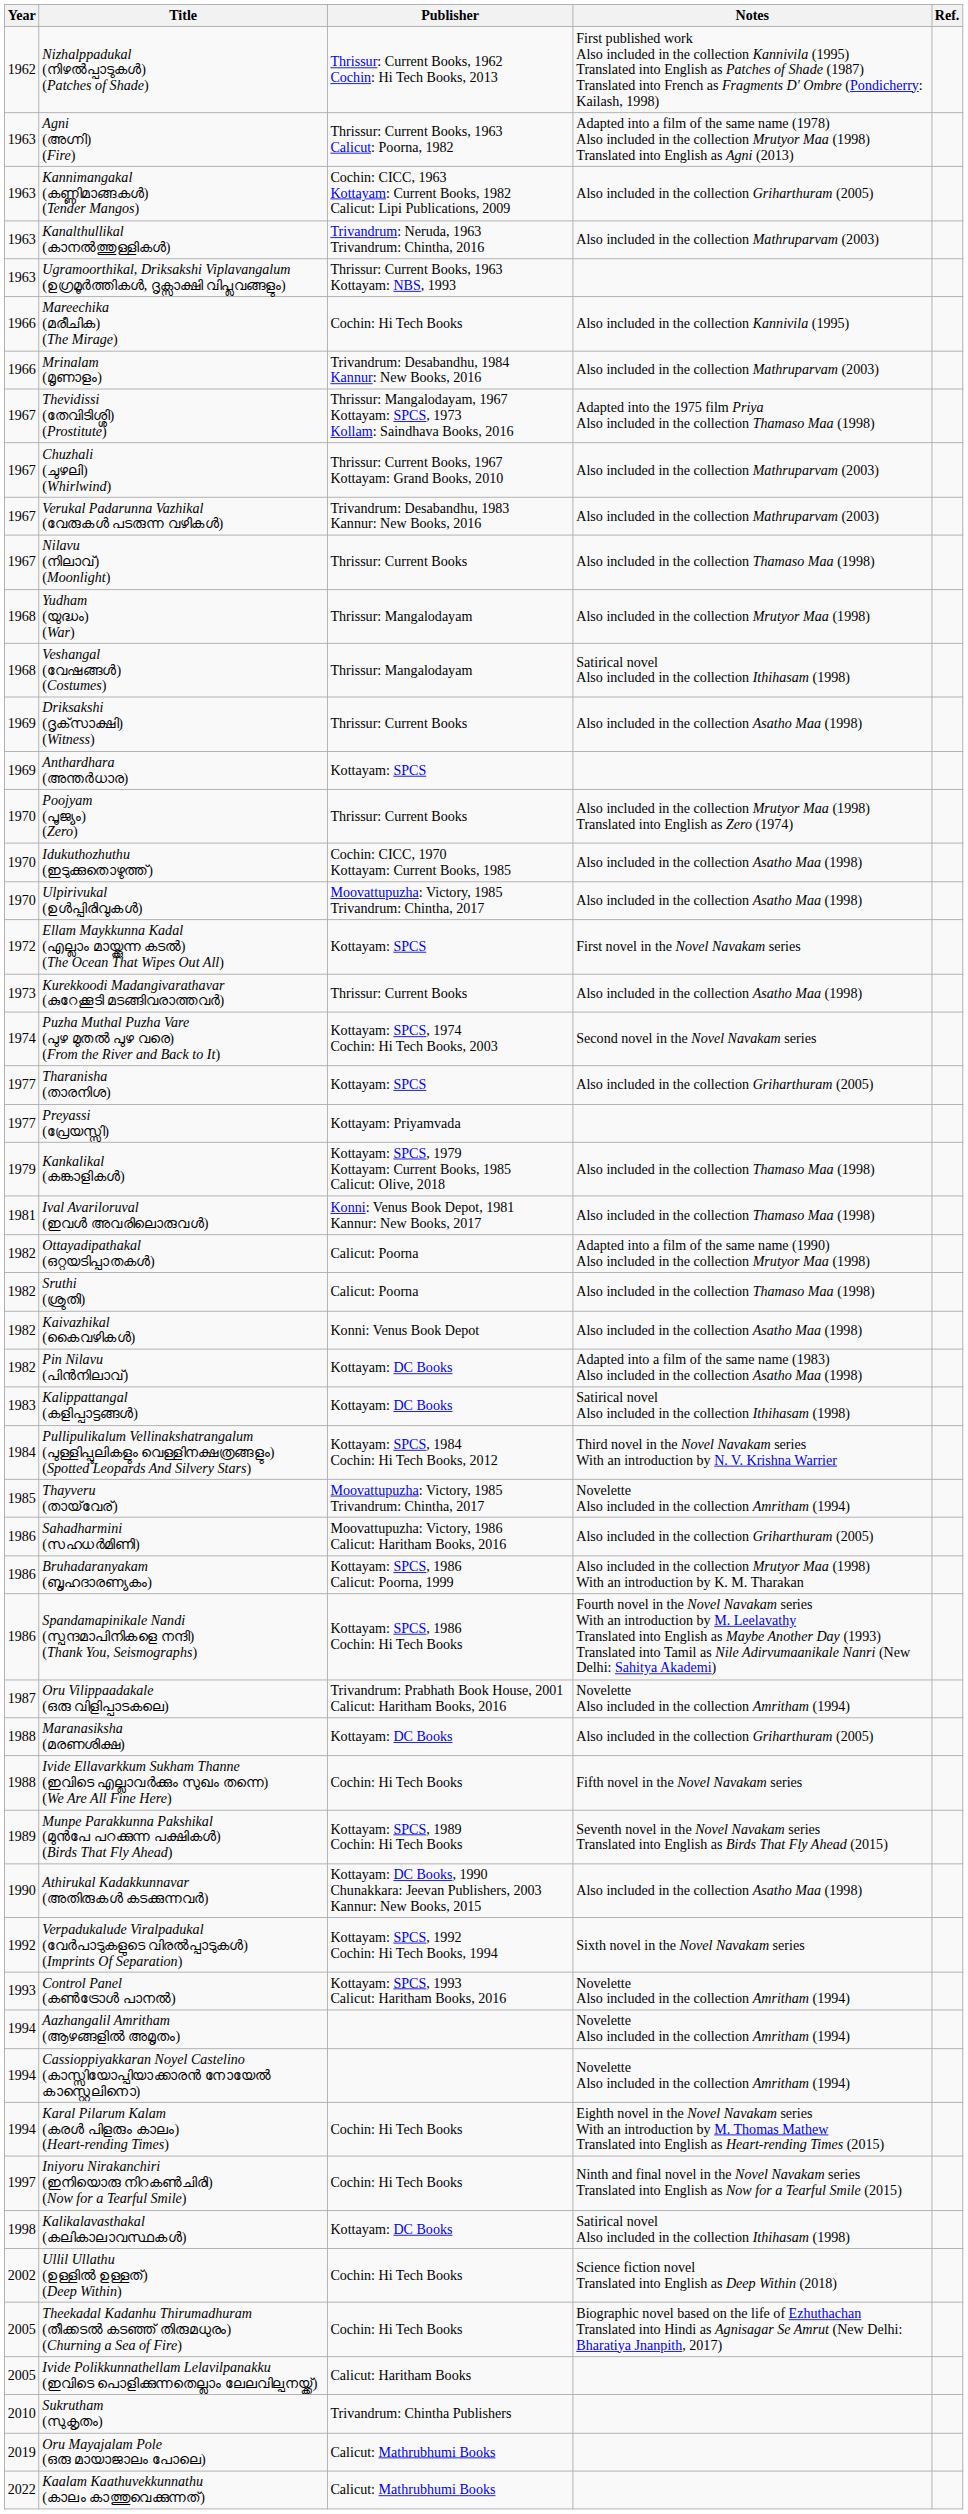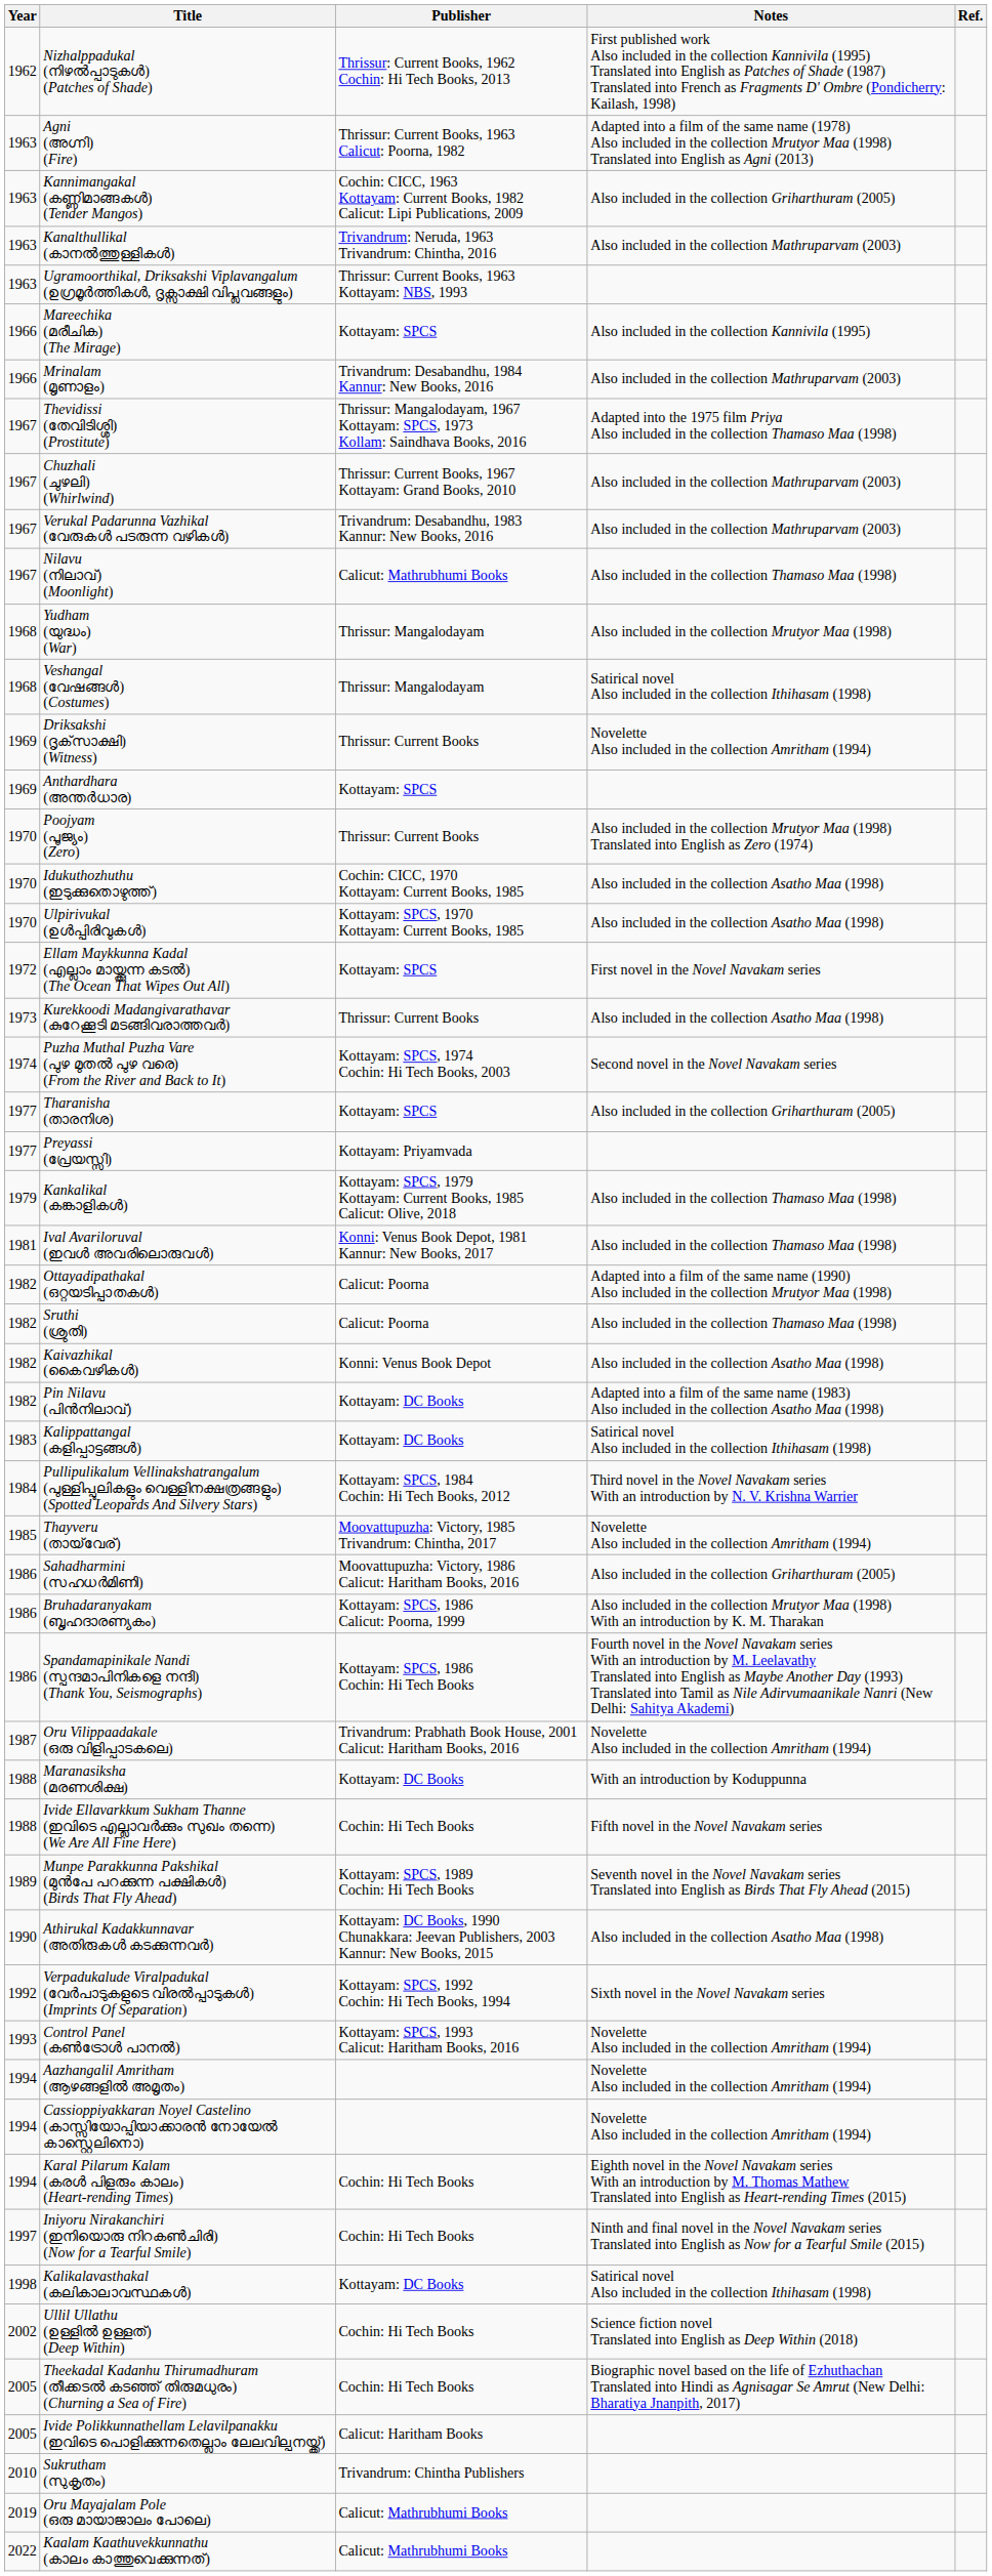 <table class="wikitable">
 <tr>
 <th>Year</th>
 <th ! style=width:20em>Title</th>
 <th ! style=width:17em>Publisher</th>
 <th ! style=width:25em>Notes</th>
 <th>Ref.</th>
 </tr>
 <tr>
 <td>1962</td>
 <td><em>Nizhalppadukal</em><br>(നിഴൽപ്പാടുകൾ)<br>(<em>Patches of Shade</em>)</td>
 <td><a href='#'>Thrissur</a>: Current Books, 1962<br><a href='#'>Cochin</a>: Hi Tech Books, 2013</td>
 <td>First published work<br>Also included in the collection <em>Kannivila</em> (1995)<br>Translated into English as <em>Patches of Shade</em> (1987)<br>Translated into French as <em>Fragments D' Ombre</em> (<a href='#'>Pondicherry</a>: Kailash, 1998)</td>
 <td></td>
 </tr>
 <tr>
 <td>1963</td>
 <td><em>Agni</em><br>(അഗ്നി)<br>(<em>Fire</em>)</td>
 <td>Thrissur: Current Books, 1963<br><a href='#'>Calicut</a>: Poorna, 1982</td>
 <td>Adapted into a film of the same name (1978)<br>Also included in the collection <em>Mrutyor Maa</em> (1998)<br>Translated into English as <em>Agni</em> (2013)</td>
 <td></td>
 </tr>
 <tr>
 <td>1963</td>
 <td><em>Kannimangakal</em><br>(കണ്ണിമാങ്ങകൾ)<br>(<em>Tender Mangos</em>)</td>
 <td>Cochin: CICC, 1963<br><a href='#'>Kottayam</a>: Current Books, 1982<br>Calicut: Lipi Publications, 2009</td>
 <td>Also included in the collection <em>Griharthuram</em> (2005)</td>
 <td></td>
 </tr>
 <tr>
 <td>1963</td>
 <td><em>Kanalthullikal</em><br>(കാനൽത്തുള്ളികൾ)</td>
 <td><a href='#'>Trivandrum</a>: Neruda, 1963<br>Trivandrum: Chintha, 2016</td>
 <td>Also included in the collection <em>Mathruparvam</em> (2003)</td>
 <td></td>
 </tr>
 <tr>
 <td>1963</td>
 <td><em>Ugramoorthikal, Driksakshi Viplavangalum</em><br>(ഉഗ്രമൂര്‍ത്തികള്‍, ദൃക്സാക്ഷി വിപ്ലവങ്ങളും)</td>
 <td>Thrissur: Current Books, 1963<br>Kottayam: <a href='#'>NBS</a>, 1993</td>
 <td></td>
 <td></td>
 </tr>
 <tr>
 <td>1966</td>
 <td><em>Mareechika</em><br>(മരീചിക)<br>(<em>The Mirage</em>)</td>
-<td>Cochin: Hi Tech Books</td>
+<td>Kottayam: <a href='#'>SPCS</a></td>
 <td>Also included in the collection <em>Kannivila</em> (1995)</td>
 <td></td>
 </tr>
 <tr>
 <td>1966</td>
 <td><em>Mrinalam</em><br>(മൃണാളം)</td>
 <td>Trivandrum: Desabandhu, 1984<br><a href='#'>Kannur</a>: New Books, 2016</td>
 <td>Also included in the collection <em>Mathruparvam</em> (2003)</td>
 <td></td>
 </tr>
 <tr>
 <td>1967</td>
 <td><em>Thevidissi</em><br>(തേവിടിശ്ശി)<br>(<em>Prostitute</em>)</td>
 <td>Thrissur: Mangalodayam, 1967<br>Kottayam: <a href='#'>SPCS</a>, 1973<br><a href='#'>Kollam</a>: Saindhava Books, 2016</td>
 <td>Adapted into the 1975 film <em>Priya</em><br>Also included in the collection <em>Thamaso Maa</em> (1998)</td>
 <td></td>
 </tr>
 <tr>
 <td>1967</td>
 <td><em>Chuzhali</em><br>(ചുഴലി)<br>(<em>Whirlwind</em>)</td>
 <td>Thrissur: Current Books, 1967<br>Kottayam: Grand Books, 2010</td>
 <td>Also included in the collection <em>Mathruparvam</em> (2003)</td>
 <td></td>
 </tr>
 <tr>
 <td>1967</td>
 <td><em>Verukal Padarunna Vazhikal</em><br>(വേരുകൾ പടരുന്ന വഴികൾ)</td>
 <td>Trivandrum: Desabandhu, 1983<br>Kannur: New Books, 2016</td>
 <td>Also included in the collection <em>Mathruparvam</em> (2003)</td>
 <td></td>
 </tr>
 <tr>
 <td>1967</td>
 <td><em>Nilavu</em><br>(നിലാവ്)<br>(<em>Moonlight</em>)</td>
-<td>Thrissur: Current Books</td>
+<td>Calicut: <a href='#'>Mathrubhumi Books</a></td>
 <td>Also included in the collection <em>Thamaso Maa</em> (1998)</td>
 <td></td>
 </tr>
 <tr>
 <td>1968</td>
 <td><em>Yudham</em><br>(യുദ്ധം)<br>(<em>War</em>)</td>
 <td>Thrissur: Mangalodayam</td>
 <td>Also included in the collection <em>Mrutyor Maa</em> (1998)</td>
 <td></td>
 </tr>
 <tr>
 <td>1968</td>
 <td><em>Veshangal</em><br>(വേഷങ്ങൾ)<br>(<em>Costumes</em>)</td>
 <td>Thrissur: Mangalodayam</td>
 <td>Satirical novel<br>Also included in the collection <em>Ithihasam</em> (1998)</td>
 <td></td>
 </tr>
 <tr>
 <td>1969</td>
 <td><em>Driksakshi</em><br>(ദൃക്‌സാക്ഷി)<br>(<em>Witness</em>)</td>
 <td>Thrissur: Current Books</td>
-<td>Also included in the collection <em>Asatho Maa</em> (1998)</td>
+<td>Novelette<br>Also included in the collection <em>Amritham</em> (1994)</td>
 <td></td>
 </tr>
 <tr>
 <td>1969</td>
 <td><em>Anthardhara</em><br>(അന്തർധാര)</td>
 <td>Kottayam: <a href='#'>SPCS</a></td>
 <td></td>
 <td></td>
 </tr>
 <tr>
 <td>1970</td>
 <td><em>Poojyam</em><br>(പൂജ്യം)<br>(<em>Zero</em>)</td>
 <td>Thrissur: Current Books</td>
 <td>Also included in the collection <em>Mrutyor Maa</em> (1998)<br>Translated into English as <em>Zero</em> (1974)</td>
 <td></td>
 </tr>
 <tr>
 <td>1970</td>
 <td><em>Idukuthozhuthu</em><br>(ഇടുക്കുതൊഴുത്ത്)</td>
 <td>Cochin: CICC, 1970<br>Kottayam: Current Books, 1985</td>
 <td>Also included in the collection <em>Asatho Maa</em> (1998)</td>
 <td></td>
 </tr>
 <tr>
 <td>1970</td>
 <td><em>Ulpirivukal</em><br>(ഉൾപ്പിരിവുകൾ)</td>
-<td><a href='#'>Moovattupuzha</a>: Victory, 1985<br>Trivandrum: Chintha, 2017</td>
+<td>Kottayam: <a href='#'>SPCS</a>, 1970<br>Kottayam: Current Books, 1985</td>
 <td>Also included in the collection <em>Asatho Maa</em> (1998)</td>
 <td></td>
 </tr>
 <tr>
 <td>1972</td>
 <td><em>Ellam Maykkunna Kadal</em><br>(എല്ലാം മായ്ക്കുന്ന കടൽ)<br>(<em>The Ocean That Wipes Out All</em>)</td>
 <td>Kottayam: <a href='#'>SPCS</a></td>
 <td>First novel in the <em>Novel Navakam</em> series</td>
 <td></td>
 </tr>
 <tr>
 <td>1973</td>
 <td><em>Kurekkoodi Madangivarathavar</em><br>(കുറേക്കൂടി മടങ്ങിവരാത്തവർ)</td>
 <td>Thrissur: Current Books</td>
 <td>Also included in the collection <em>Asatho Maa</em> (1998)</td>
 <td></td>
 </tr>
 <tr>
 <td>1974</td>
 <td><em>Puzha Muthal Puzha Vare</em><br>(പുഴ മുതൽ പുഴ വരെ)<br>(<em>From the River and Back to It</em>)</td>
 <td>Kottayam: <a href='#'>SPCS</a>, 1974<br>Cochin: Hi Tech Books, 2003</td>
 <td>Second novel in the <em>Novel Navakam</em> series</td>
 <td></td>
 </tr>
 <tr>
 <td>1977</td>
 <td><em>Tharanisha</em><br>(താരനിശ)</td>
 <td>Kottayam: <a href='#'>SPCS</a></td>
 <td>Also included in the collection <em>Griharthuram</em> (2005)</td>
 <td></td>
 </tr>
 <tr>
 <td>1977</td>
 <td><em>Preyassi</em><br>(പ്രേയസ്സി)</td>
 <td>Kottayam: Priyamvada</td>
 <td></td>
 <td></td>
 </tr>
 <tr>
 <td>1979</td>
 <td><em>Kankalikal</em><br>(കങ്കാളികൾ)</td>
 <td>Kottayam: <a href='#'>SPCS</a>, 1979<br>Kottayam: Current Books, 1985<br>Calicut: Olive, 2018</td>
 <td>Also included in the collection <em>Thamaso Maa</em> (1998)</td>
 <td></td>
 </tr>
 <tr>
 <td>1981</td>
 <td><em>Ival Avariloruval</em><br>(ഇവൾ അവരിലൊരുവൾ)</td>
 <td><a href='#'>Konni</a>: Venus Book Depot, 1981<br>Kannur: New Books, 2017</td>
 <td>Also included in the collection <em>Thamaso Maa</em> (1998)</td>
 <td></td>
 </tr>
 <tr>
 <td>1982</td>
 <td><em>Ottayadipathakal</em><br>(ഒറ്റയടിപ്പാതകൾ)</td>
 <td>Calicut: Poorna</td>
 <td>Adapted into a film of the same name (1990)<br>Also included in the collection <em>Mrutyor Maa</em> (1998)</td>
 <td></td>
 </tr>
 <tr>
 <td>1982</td>
 <td><em>Sruthi</em><br>(ശ്രുതി)</td>
 <td>Calicut: Poorna</td>
 <td>Also included in the collection <em>Thamaso Maa</em> (1998)</td>
 <td></td>
 </tr>
 <tr>
 <td>1982</td>
 <td><em>Kaivazhikal</em><br>(കൈവഴികൾ)</td>
 <td>Konni: Venus Book Depot</td>
 <td>Also included in the collection <em>Asatho Maa</em> (1998)</td>
 <td></td>
 </tr>
 <tr>
 <td>1982</td>
 <td><em>Pin Nilavu</em><br>(പിൻനിലാവ്)</td>
 <td>Kottayam: <a href='#'>DC Books</a></td>
 <td>Adapted into a film of the same name (1983)<br>Also included in the collection <em>Asatho Maa</em> (1998)</td>
 <td></td>
 </tr>
 <tr>
 <td>1983</td>
 <td><em>Kalippattangal</em><br>(കളിപ്പാട്ടങ്ങൾ)</td>
 <td>Kottayam: <a href='#'>DC Books</a></td>
 <td>Satirical novel<br>Also included in the collection <em>Ithihasam</em> (1998)</td>
 <td></td>
 </tr>
 <tr>
 <td>1984</td>
 <td><em>Pullipulikalum Vellinakshatrangalum</em><br>(പുള്ളിപ്പുലികളും വെള്ളിനക്ഷത്രങ്ങളും)<br>(<em>Spotted Leopards And Silvery Stars</em>)</td>
 <td>Kottayam: <a href='#'>SPCS</a>, 1984<br>Cochin: Hi Tech Books, 2012</td>
 <td>Third novel in the <em>Novel Navakam</em> series<br>With an introduction by <a href='#'>N. V. Krishna Warrier</a></td>
 <td></td>
 </tr>
 <tr>
 <td>1985</td>
 <td><em>Thayveru</em><br>(തായ്‌വേര്)</td>
 <td><a href='#'>Moovattupuzha</a>: Victory, 1985<br>Trivandrum: Chintha, 2017</td>
 <td>Novelette<br>Also included in the collection <em>Amritham</em> (1994)</td>
 <td></td>
 </tr>
 <tr>
 <td>1986</td>
 <td><em>Sahadharmini</em><br>(സഹധർമിണി)</td>
 <td>Moovattupuzha: Victory, 1986<br>Calicut: Haritham Books, 2016</td>
 <td>Also included in the collection <em>Griharthuram</em> (2005)</td>
 <td></td>
 </tr>
 <tr>
 <td>1986</td>
 <td><em>Bruhadaranyakam</em><br>(ബൃഹദാരണ്യകം)</td>
 <td>Kottayam: <a href='#'>SPCS</a>, 1986<br>Calicut: Poorna, 1999</td>
 <td>Also included in the collection <em>Mrutyor Maa</em> (1998)<br>With an introduction by K. M. Tharakan</td>
 <td></td>
 </tr>
 <tr>
 <td>1986</td>
 <td><em>Spandamapinikale Nandi</em><br>(സ്പന്ദമാപിനികളെ നന്ദി)<br>(<em>Thank You, Seismographs</em>)</td>
 <td>Kottayam: <a href='#'>SPCS</a>, 1986<br>Cochin: Hi Tech Books</td>
 <td>Fourth novel in the <em>Novel Navakam</em> series<br>With an introduction by <a href='#'>M. Leelavathy</a><br>Translated into English as <em>Maybe Another Day</em> (1993)<br>Translated into Tamil as <em>Nile Adirvumaanikale Nanri</em> (New Delhi: <a href='#'>Sahitya Akademi</a>)</td>
 <td></td>
 </tr>
 <tr>
 <td>1987</td>
 <td><em>Oru Vilippaadakale</em><br>(ഒരു വിളിപ്പാടകലെ)</td>
 <td>Trivandrum: Prabhath Book House, 2001<br>Calicut: Haritham Books, 2016</td>
 <td>Novelette<br>Also included in the collection <em>Amritham</em> (1994)</td>
 <td></td>
 </tr>
 <tr>
 <td>1988</td>
 <td><em>Maranasiksha</em><br>(മരണശിക്ഷ)</td>
 <td>Kottayam: <a href='#'>DC Books</a></td>
-<td>Also included in the collection <em>Griharthuram</em> (2005)</td>
+<td>With an introduction by Koduppunna</td>
 <td></td>
 </tr>
 <tr>
 <td>1988</td>
 <td><em>Ivide Ellavarkkum Sukham Thanne</em><br>(ഇവിടെ എല്ലാവര്‍ക്കും സുഖം തന്നെ)<br>(<em>We Are All Fine Here</em>)</td>
 <td>Cochin: Hi Tech Books</td>
 <td>Fifth novel in the <em>Novel Navakam</em> series</td>
 <td></td>
 </tr>
 <tr>
 <td>1989</td>
 <td><em>Munpe Parakkunna Pakshikal</em><br>(മുൻപേ പറക്കുന്ന പക്ഷികൾ)<br>(<em>Birds That Fly Ahead</em>)</td>
 <td>Kottayam: <a href='#'>SPCS</a>, 1989<br>Cochin: Hi Tech Books</td>
 <td>Seventh novel in the <em>Novel Navakam</em> series<br>Translated into English as <em>Birds That Fly Ahead</em> (2015)</td>
 <td></td>
 </tr>
 <tr>
 <td>1990</td>
 <td><em>Athirukal Kadakkunnavar</em><br>(അതിരുകൾ കടക്കുന്നവർ)</td>
 <td>Kottayam: <a href='#'>DC Books</a>, 1990<br>Chunakkara: Jeevan Publishers, 2003<br>Kannur: New Books, 2015</td>
 <td>Also included in the collection <em>Asatho Maa</em> (1998)</td>
 <td></td>
 </tr>
 <tr>
 <td>1992</td>
 <td><em>Verpadukalude Viralpadukal</em><br>(വേർപാടുകളുടെ വിരൽപ്പാടുകൾ)<br>(<em>Imprints Of Separation</em>)</td>
 <td>Kottayam: <a href='#'>SPCS</a>, 1992<br>Cochin: Hi Tech Books, 1994</td>
 <td>Sixth novel in the <em>Novel Navakam</em> series</td>
 <td></td>
 </tr>
 <tr>
 <td>1993</td>
 <td><em>Control Panel</em><br>(കൺട്രോൾ പാനൽ)</td>
 <td>Kottayam: <a href='#'>SPCS</a>, 1993<br>Calicut: Haritham Books, 2016</td>
 <td>Novelette<br>Also included in the collection <em>Amritham</em> (1994)</td>
 <td></td>
 </tr>
 <tr>
 <td>1994</td>
 <td><em>Aazhangalil Amritham</em><br>(ആഴങ്ങളിൽ അമൃതം)</td>
 <td></td>
 <td>Novelette<br>Also included in the collection <em>Amritham</em> (1994)</td>
 <td></td>
 </tr>
 <tr>
 <td>1994</td>
 <td><em>Cassioppiyakkaran Noyel Castelino</em><br>(കാസ്സിയോപ്പിയാക്കാരൻ നോയേൽ കാസ്റ്റെലിനൊ)</td>
 <td></td>
 <td>Novelette<br>Also included in the collection <em>Amritham</em> (1994)</td>
 <td></td>
 </tr>
 <tr>
 <td>1994</td>
 <td><em>Karal Pilarum Kalam</em><br>(കരൾ പിളരും കാലം)<br>(<em>Heart-rending Times</em>)</td>
 <td>Cochin: Hi Tech Books</td>
 <td>Eighth novel in the <em>Novel Navakam</em> series<br>With an introduction by <a href='#'>M. Thomas Mathew</a><br>Translated into English as <em>Heart-rending Times</em> (2015)</td>
 <td></td>
 </tr>
 <tr>
 <td>1997</td>
 <td><em>Iniyoru Nirakanchiri</em><br>(ഇനിയൊരു നിറകൺചിരി)<br>(<em>Now for a Tearful Smile</em>)</td>
 <td>Cochin: Hi Tech Books</td>
 <td>Ninth and final novel in the <em>Novel Navakam</em> series<br>Translated into English as <em>Now for a Tearful Smile</em> (2015)</td>
 <td></td>
 </tr>
 <tr>
 <td>1998</td>
 <td><em>Kalikalavasthakal</em><br>(കലികാലാവസ്ഥകൾ)</td>
 <td>Kottayam: <a href='#'>DC Books</a></td>
 <td>Satirical novel<br>Also included in the collection <em>Ithihasam</em> (1998)</td>
 <td></td>
 </tr>
 <tr>
 <td>2002</td>
 <td><em>Ullil Ullathu</em><br>(ഉള്ളിൽ ഉള്ളത്)<br>(<em>Deep Within</em>)</td>
 <td>Cochin: Hi Tech Books</td>
 <td>Science fiction novel<br>Translated into English as <em>Deep Within</em> (2018)</td>
 <td></td>
 </tr>
 <tr>
 <td>2005</td>
 <td><em>Theekadal Kadanhu Thirumadhuram</em><br>(തീക്കടൽ കടഞ്ഞ് തിരുമധുരം)<br>(<em>Churning a Sea of Fire</em>)</td>
 <td>Cochin: Hi Tech Books</td>
 <td>Biographic novel based on the life of <a href='#'>Ezhuthachan</a><br>Translated into Hindi as <em>Agnisagar Se Amrut</em> (New Delhi: <a href='#'>Bharatiya Jnanpith</a>, 2017)</td>
 <td></td>
 </tr>
 <tr>
 <td>2005</td>
 <td><em>Ivide Polikkunnathellam Lelavilpanakku</em><br>(ഇവിടെ പൊളിക്കുന്നതെല്ലാം ലേലവില്പനയ്ക്ക്)</td>
 <td>Calicut: Haritham Books</td>
 <td></td>
 <td></td>
 </tr>
 <tr>
 <td>2010</td>
 <td><em>Sukrutham</em><br>(സുകൃതം)</td>
 <td>Trivandrum: Chintha Publishers</td>
 <td></td>
 <td></td>
 </tr>
 <tr>
 <td>2019</td>
 <td><em>Oru Mayajalam Pole</em><br>(ഒരു മായാജാലം പോലെ)</td>
 <td>Calicut: <a href='#'>Mathrubhumi Books</a></td>
 <td></td>
 <td></td>
 </tr>
 <tr>
 <td>2022</td>
 <td><em>Kaalam Kaathuvekkunnathu</em><br>(കാലം കാത്തുവെക്കുന്നത്)</td>
 <td>Calicut: <a href='#'>Mathrubhumi Books</a></td>
 <td></td>
 <td></td>
 </tr>
 </table>
